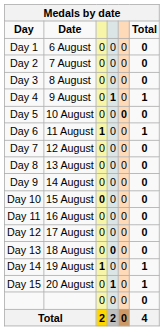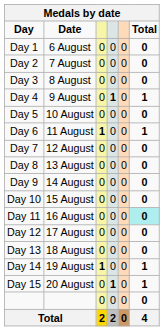 <table class=wikitable style="font-size:85%">
 <tr bgcolor=efefef>
 <th colspan=6><strong>Medals by date</strong></th>
 </tr>
 <tr align=center>
 <td><strong>Day</strong></td>
 <td><strong>Date</strong></td>
 <td bgcolor=#f7f6a8></td>
 <td bgcolor=#dce5e5></td>
 <td bgcolor=#ffdab9></td>
 <td><strong>Total</strong></td>
 </tr>
 <tr align=center>
 <td>Day 1</td>
 <td>6 August</td>
 <td bgcolor=F7F6A8>0</td>
 <td bgcolor=DCE5E5>0</td>
 <td bgcolor=FFDAB9>0</td>
 <td><strong>0</strong></td>
 </tr>
 <tr align=center>
 <td>Day 2</td>
 <td>7 August</td>
 <td bgcolor=F7F6A8>0</td>
 <td bgcolor=DCE5E5>0</td>
 <td bgcolor=FFDAB9>0</td>
 <td><strong>0</strong></td>
 </tr>
 <tr align=center>
 <td>Day 3</td>
 <td>8 August</td>
 <td bgcolor=F7F6A8>0</td>
 <td bgcolor=DCE5E5>0</td>
 <td bgcolor=FFDAB9>0</td>
 <td><strong>0</strong></td>
 </tr>
 <tr align=center>
 <td>Day 4</td>
 <td>9 August</td>
 <td bgcolor=F7F6A8>0</td>
 <td bgcolor=DCE5E5><strong>1</strong></td>
 <td bgcolor=FFDAB9>0</td>
 <td><strong>1</strong></td>
 </tr>
 <tr align=center>
 <td>Day 5</td>
 <td>10 August</td>
 <td bgcolor=F7F6A8>0</td>
 <td bgcolor=DCE5E5>0</td>
-<td bgcolor=FFDAB9><strong>0</strong></td>
+<td bgcolor=FFDAB9>0</td>
 <td><strong>0</strong></td>
 </tr>
 <tr align=center>
 <td>Day 6</td>
 <td>11 August</td>
 <td bgcolor=F7F6A8><strong>1</strong></td>
 <td bgcolor=DCE5E5>0</td>
 <td bgcolor=FFDAB9>0</td>
 <td><strong>1</strong></td>
 </tr>
 <tr align=center>
 <td>Day 7</td>
 <td>12 August</td>
 <td bgcolor=F7F6A8>0</td>
 <td bgcolor=DCE5E5>0</td>
 <td bgcolor=FFDAB9>0</td>
 <td><strong>0</strong></td>
 </tr>
 <tr align=center>
 <td>Day 8</td>
 <td>13 August</td>
 <td bgcolor=F7F6A8>0</td>
 <td bgcolor=DCE5E5>0</td>
 <td bgcolor=FFDAB9>0</td>
 <td><strong>0</strong></td>
 </tr>
 <tr align=center>
 <td>Day 9</td>
 <td>14 August</td>
 <td bgcolor=F7F6A8>0</td>
 <td bgcolor=DCE5E5>0</td>
 <td bgcolor=FFDAB9>0</td>
 <td><strong>0</strong></td>
 </tr>
 <tr align=center>
 <td>Day 10</td>
 <td>15 August</td>
-<td bgcolor=F7F6A8><strong>0</strong></td>
+<td bgcolor=F7F6A8>0</td>
 <td bgcolor=DCE5E5>0</td>
 <td bgcolor=FFDAB9>0</td>
 <td><strong>0</strong></td>
 </tr>
 <tr align=center>
 <td>Day 11</td>
 <td>16 August</td>
 <td bgcolor=F7F6A8>0</td>
 <td bgcolor=DCE5E5>0</td>
 <td bgcolor=FFDAB9>0</td>
-<td><strong>0</strong></td>
+<td style="background: paleturquoise;"><strong>0</strong></td>
 </tr>
 <tr align=center>
 <td>Day 12</td>
 <td>17 August</td>
 <td bgcolor=F7F6A8>0</td>
 <td bgcolor=DCE5E5>0</td>
 <td bgcolor=FFDAB9>0</td>
 <td><strong>0</strong></td>
 </tr>
 <tr align=center>
 <td>Day 13</td>
 <td>18 August</td>
 <td bgcolor=F7F6A8>0</td>
-<td bgcolor=DCE5E5><strong>0</strong></td>
+<td bgcolor=DCE5E5>0</td>
 <td bgcolor=FFDAB9>0</td>
 <td><strong>0</strong></td>
 </tr>
 <tr align=center>
 <td>Day 14</td>
 <td>19 August</td>
 <td bgcolor=F7F6A8><strong>1</strong></td>
 <td bgcolor=DCE5E5>0</td>
 <td bgcolor=FFDAB9>0</td>
 <td><strong>1</strong></td>
 </tr>
 <tr align=center>
 <td>Day 15</td>
 <td>20 August</td>
 <td bgcolor=F7F6A8>0</td>
 <td bgcolor=DCE5E5><strong>1</strong></td>
 <td bgcolor=FFDAB9>0</td>
 <td><strong>1</strong></td>
 </tr>
 <tr align=center>
 <td></td>
 <td></td>
 <td bgcolor=F7F6A8>0</td>
 <td bgcolor=DCE5E5>0</td>
 <td bgcolor=FFDAB9>0</td>
 <td><strong>0</strong></td>
 </tr>
 <tr>
 <th colspan=2><strong>Total</strong></th>
 <th style="background:gold"><strong>2</strong></th>
 <th style="background:silver"><strong>2</strong></th>
 <th style="background:#c96"><strong>0</strong></th>
 <th><strong>4</strong></th>
 </tr>
 </table>
